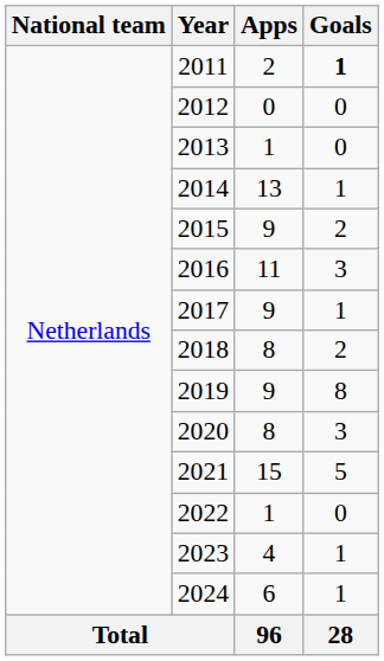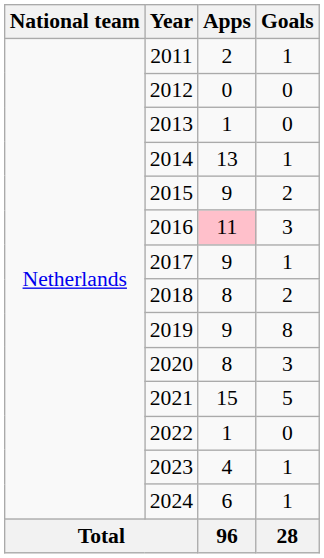 <table class="wikitable" style="text-align: center;">
 <tr>
 <th>National team</th>
 <th>Year</th>
 <th>Apps</th>
 <th>Goals</th>
 </tr>
 <tr>
 <td rowspan="14"><a href='#'>Netherlands</a></td>
 <td>2011</td>
 <td>2</td>
-<td><strong>1</strong></td>
+<td>1</td>
 </tr>
 <tr>
 <td>2012</td>
 <td>0</td>
 <td>0</td>
 </tr>
 <tr>
 <td>2013</td>
 <td>1</td>
 <td>0</td>
 </tr>
 <tr>
 <td>2014</td>
 <td>13</td>
 <td>1</td>
 </tr>
 <tr>
 <td>2015</td>
 <td>9</td>
 <td>2</td>
 </tr>
 <tr>
 <td>2016</td>
-<td>11</td>
+<td style="background: pink;">11</td>
 <td>3</td>
 </tr>
 <tr>
 <td>2017</td>
 <td>9</td>
 <td>1</td>
 </tr>
 <tr>
 <td>2018</td>
 <td>8</td>
 <td>2</td>
 </tr>
 <tr>
 <td>2019</td>
 <td>9</td>
 <td>8</td>
 </tr>
 <tr>
 <td>2020</td>
 <td>8</td>
 <td>3</td>
 </tr>
 <tr>
 <td>2021</td>
 <td>15</td>
 <td>5</td>
 </tr>
 <tr>
 <td>2022</td>
 <td>1</td>
 <td>0</td>
 </tr>
 <tr>
 <td>2023</td>
 <td>4</td>
 <td>1</td>
 </tr>
 <tr>
 <td>2024</td>
 <td>6</td>
 <td>1</td>
 </tr>
 <tr>
 <th colspan="2">Total</th>
 <th>96</th>
 <th>28</th>
 </tr>
 </table>
